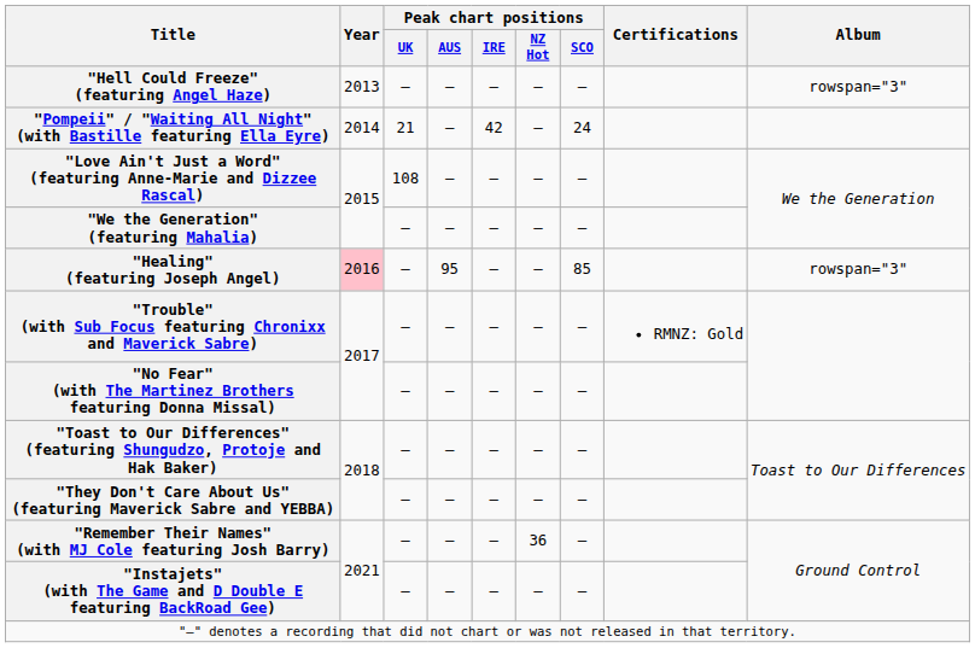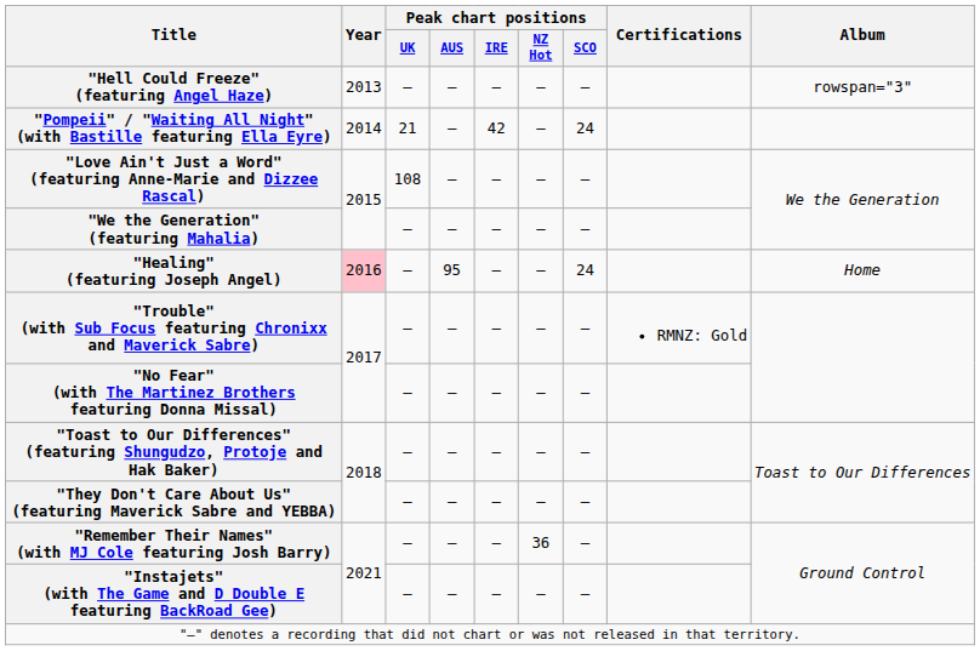 <table class="wikitable plainrowheaders" style="text-align:center;">
 <tr>
 <th scope="col" rowspan="2" style="width:22em;">Title</th>
 <th scope="col" rowspan="2" style="width:1em;">Year</th>
 <th scope="col" colspan="5">Peak chart positions</th>
 <th scope="col" rowspan="2">Certifications</th>
 <th scope="col" rowspan="2">Album</th>
 </tr>
 <tr>
 <th scope="col" style="width:3em;font-size:85%;"><a href='#'>UK</a><br></th>
 <th scope="col" style="width:3em;font-size:85%;"><a href='#'>AUS</a><br></th>
 <th scope="col" style="width:3em;font-size:85%;"><a href='#'>IRE</a><br></th>
 <th scope="col" style="width:3em;font-size:85%;"><a href='#'>NZ<br>Hot</a><br></th>
 <th scope="col" style="width:3em;font-size:85%;"><a href='#'>SCO</a><br></th>
 </tr>
 <tr>
 <th scope="row">"Hell Could Freeze"<br><span>(featuring <a href='#'>Angel Haze</a>)</span></th>
 <td>2013</td>
 <td>—</td>
 <td>—</td>
 <td>—</td>
 <td>—</td>
 <td>—</td>
 <td></td>
 <td>rowspan="3" </td>
 </tr>
 <tr>
 <th scope="row">"<a href='#'>Pompeii</a>" / "<a href='#'>Waiting All Night</a>"<br><span>(with <a href='#'>Bastille</a> featuring <a href='#'>Ella Eyre</a>)</span></th>
 <td>2014</td>
 <td>21</td>
 <td>—</td>
 <td>42</td>
 <td>—</td>
 <td>24</td>
 <td></td>
 <td></td>
 </tr>
 <tr>
 <th scope="row">"Love Ain't Just a Word"<br><span>(featuring Anne-Marie and <a href='#'>Dizzee Rascal</a>)</span></th>
 <td rowspan="2">2015</td>
 <td>108</td>
 <td>—</td>
 <td>—</td>
 <td>—</td>
 <td>—</td>
 <td></td>
 <td rowspan="2"><em>We the Generation</em></td>
 </tr>
 <tr>
 <th scope="row">"We the Generation"<br><span>(featuring <a href='#'>Mahalia</a>)</span></th>
 <td>—</td>
 <td>—</td>
 <td>—</td>
 <td>—</td>
 <td>—</td>
 <td></td>
 </tr>
 <tr>
 <th scope="row">"Healing"<br><span>(featuring Joseph Angel)</span></th>
 <td style="background: pink;">2016</td>
 <td>—</td>
 <td>95</td>
 <td>—</td>
 <td>—</td>
-<td>85</td>
+<td>24</td>
 <td></td>
-<td>rowspan="3" </td>
+<td><em>Home</em></td>
 </tr>
 <tr>
 <th scope="row">"Trouble"<br><span>(with <a href='#'>Sub Focus</a> featuring <a href='#'>Chronixx</a> and <a href='#'>Maverick Sabre</a>)</span></th>
 <td rowspan="2">2017</td>
 <td>—</td>
 <td>—</td>
 <td>—</td>
 <td>—</td>
 <td>—</td>
 <td><br><ul><li>RMNZ: Gold</li></ul></td>
 </tr>
 <tr>
 <th scope="row">"No Fear"<br><span>(with <a href='#'>The Martinez Brothers</a> featuring Donna Missal)</span></th>
 <td>—</td>
 <td>—</td>
 <td>—</td>
 <td>—</td>
 <td>—</td>
 <td></td>
 </tr>
 <tr>
 <th scope="row">"Toast to Our Differences"<br><span>(featuring <a href='#'>Shungudzo</a>, <a href='#'>Protoje</a> and Hak Baker)</span></th>
 <td rowspan="2">2018</td>
 <td>—</td>
 <td>—</td>
 <td>—</td>
 <td>—</td>
 <td>—</td>
 <td></td>
 <td rowspan="2"><em>Toast to Our Differences</em></td>
 </tr>
 <tr>
 <th scope="row">"They Don't Care About Us"<br><span>(featuring Maverick Sabre and YEBBA)</span></th>
 <td>—</td>
 <td>—</td>
 <td>—</td>
 <td>—</td>
 <td>—</td>
 <td></td>
 </tr>
 <tr>
 <th scope="row">"Remember Their Names"<br><span>(with <a href='#'>MJ Cole</a> featuring Josh Barry)</span></th>
 <td rowspan="2">2021</td>
 <td>—</td>
 <td>—</td>
 <td>—</td>
 <td>36</td>
 <td>—</td>
 <td></td>
 <td rowspan="2"><em>Ground Control</em></td>
 </tr>
 <tr>
 <th scope="row">"Instajets"<br><span>(with <a href='#'>The Game</a> and <a href='#'>D Double E</a> featuring <a href='#'>BackRoad Gee</a>)</span></th>
 <td>—</td>
 <td>—</td>
 <td>—</td>
 <td>—</td>
 <td>—</td>
 <td></td>
 </tr>
 <tr>
 <td colspan="18" style="font-size:85%">"—" denotes a recording that did not chart or was not released in that territory.</td>
 </tr>
 </table>
